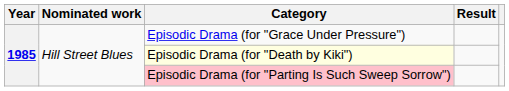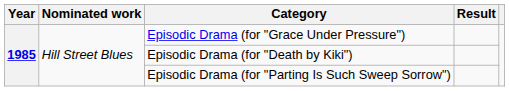 <table class="wikitable sortable plainrowheaders">
 <tr>
 <th scope="col" class="unsortable">Year</th>
 <th scope="col" class="unsortable">Nominated work</th>
 <th scope="col">Category</th>
 <th scope="col">Result</th>
 <th scope="col" class="unsortable"></th>
 </tr>
 <tr>
 <th scope="row" rowspan="3"><a href='#'>1985</a></th>
 <td rowspan="3"><em>Hill Street Blues</em></td>
 <td><a href='#'>Episodic Drama</a> (for "Grace Under Pressure")</td>
 <td></td>
 <td style="text-align:center" rowspan="3"></td>
 </tr>
 <tr>
-<td style="background: lightyellow;">Episodic Drama (for "Death by Kiki")</td>
+<td>Episodic Drama (for "Death by Kiki")</td>
 <td></td>
 </tr>
 <tr>
-<td style="background: pink;">Episodic Drama (for "Parting Is Such Sweep Sorrow")</td>
+<td>Episodic Drama (for "Parting Is Such Sweep Sorrow")</td>
 <td></td>
 </tr>
 </table>
